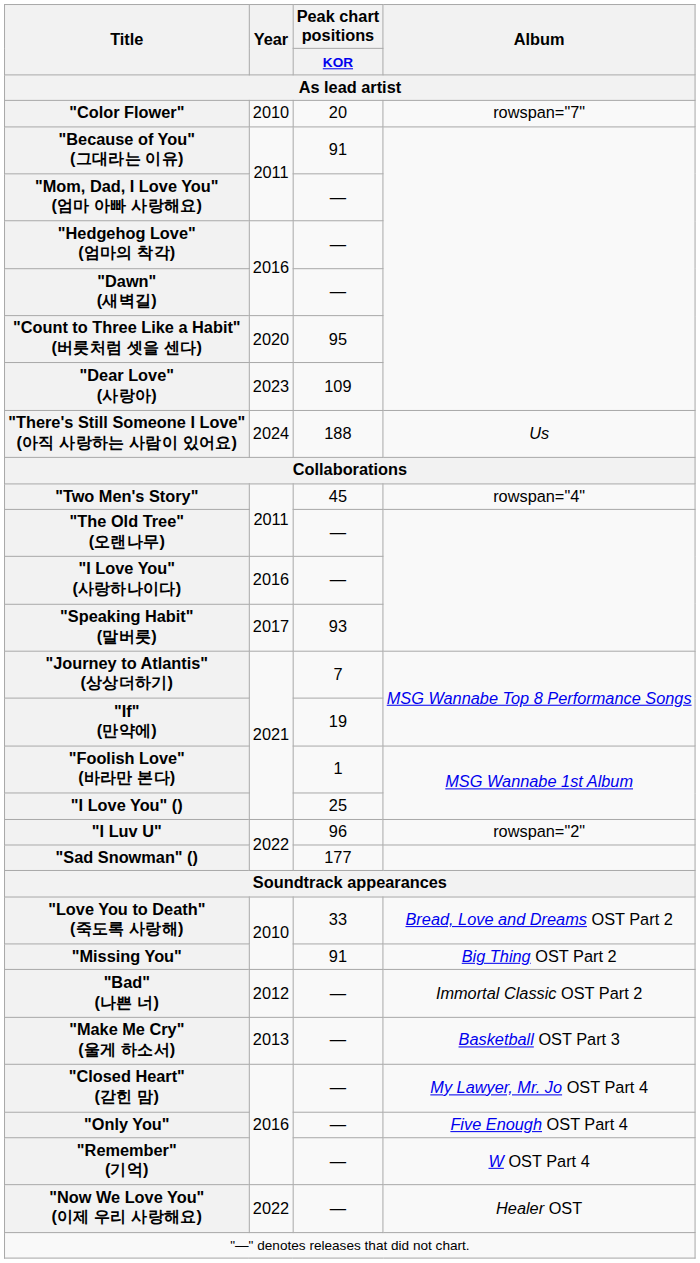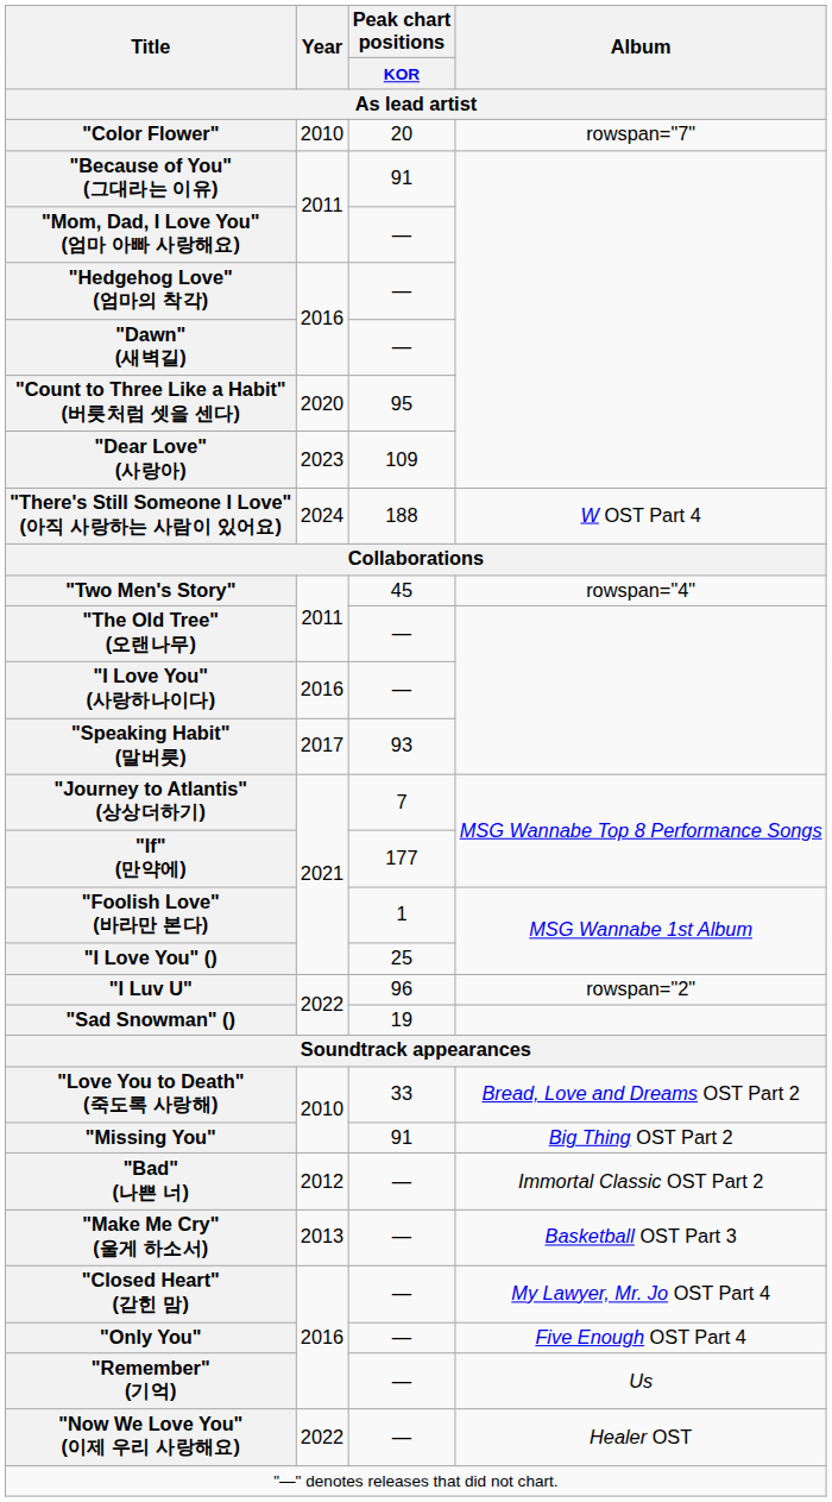 <table class="wikitable plainrowheaders" style="text-align:center;">
 <tr>
 <th scope="col" rowspan="2">Title</th>
 <th scope="col" rowspan="2">Year</th>
 <th scope="col" colspan="1">Peak chart <br> positions</th>
 <th scope="col" rowspan="2">Album</th>
 </tr>
 <tr>
 <th><small><a href='#'>KOR</a></small><br></th>
 </tr>
 <tr>
 <th scope="col" colspan="5">As lead artist</th>
 </tr>
 <tr>
 <th scope="row">"Color Flower"<br></th>
 <td>2010</td>
 <td>20</td>
 <td>rowspan="7" </td>
 </tr>
 <tr>
 <th scope="row">"Because of You"<br>(그대라는 이유)</th>
 <td rowspan="2">2011</td>
 <td>91</td>
 </tr>
 <tr>
 <th scope="row">"Mom, Dad, I Love You"<br>(엄마 아빠 사랑해요)</th>
 <td>—</td>
 </tr>
 <tr>
 <th scope="row">"Hedgehog Love"<br>(엄마의 착각)</th>
 <td rowspan="2">2016</td>
 <td>—</td>
 </tr>
 <tr>
 <th scope="row">"Dawn"<br>(새벽길)</th>
 <td>—</td>
 </tr>
 <tr>
 <th scope="row">"Count to Three Like a Habit"<br>(버릇처럼 셋을 센다)</th>
 <td>2020</td>
 <td>95</td>
 </tr>
 <tr>
 <th scope="row">"Dear Love"<br>(사랑아)</th>
 <td>2023</td>
 <td>109</td>
 </tr>
 <tr>
 <th scope="row">"There's Still Someone I Love"<br>(아직 사랑하는 사람이 있어요)</th>
 <td>2024</td>
 <td>188</td>
-<td><em>Us</em></td>
+<td><em><a href='#'>W</a></em> OST Part 4</td>
 </tr>
 <tr>
 <th scope="col" colspan="5">Collaborations</th>
 </tr>
 <tr>
 <th scope="row">"Two Men's Story"<br></th>
 <td rowspan="2">2011</td>
 <td>45</td>
 <td>rowspan="4" </td>
 </tr>
 <tr>
 <th scope="row">"The Old Tree"<br>(오랜나무) </th>
 <td>—</td>
 </tr>
 <tr>
 <th scope="row">"I Love You"<br>(사랑하나이다) </th>
 <td>2016</td>
 <td>—</td>
 </tr>
 <tr>
 <th scope="row">"Speaking Habit"<br>(말버릇) </th>
 <td>2017</td>
 <td>93</td>
 </tr>
 <tr>
 <th scope="row">"Journey to Atlantis"<br>(상상더하기) </th>
 <td rowspan="4">2021</td>
 <td>7</td>
 <td rowspan="2"><em><a href='#'>MSG Wannabe Top 8 Performance Songs</a></em></td>
 </tr>
 <tr>
 <th scope="row">"If"<br>(만약에) </th>
-<td>19</td>
+<td>177</td>
 </tr>
 <tr>
 <th scope="row">"Foolish Love"<br>(바라만 본다) </th>
 <td>1</td>
 <td rowspan="2"><em><a href='#'>MSG Wannabe 1st Album</a></em></td>
 </tr>
 <tr>
 <th scope="row">"I Love You" ()<br></th>
 <td>25</td>
 </tr>
 <tr>
 <th scope="row">"I Luv U" <br></th>
 <td rowspan="2">2022</td>
 <td>96</td>
 <td>rowspan="2" </td>
 </tr>
 <tr>
 <th scope="row">"Sad Snowman" () <br></th>
-<td>177</td>
+<td>19</td>
 </tr>
 <tr>
 <th scope="col" colspan="5">Soundtrack appearances</th>
 </tr>
 <tr>
 <th scope="row">"Love You to Death"<br>(죽도록 사랑해) </th>
 <td rowspan="2">2010</td>
 <td>33</td>
 <td><em><a href='#'>Bread, Love and Dreams</a></em> OST Part 2</td>
 </tr>
 <tr>
 <th scope="row">"Missing You"</th>
 <td>91</td>
 <td><em><a href='#'>Big Thing</a></em> OST Part 2</td>
 </tr>
 <tr>
 <th scope="row">"Bad"<br>(나쁜 너)</th>
 <td>2012</td>
 <td>—</td>
 <td><em>Immortal Classic</em> OST Part 2</td>
 </tr>
 <tr>
 <th scope="row">"Make Me Cry"<br>(울게 하소서)</th>
 <td>2013</td>
 <td>—</td>
 <td><em><a href='#'>Basketball</a></em> OST Part 3</td>
 </tr>
 <tr>
 <th scope="row">"Closed Heart"<br>(갇힌 맘)</th>
 <td rowspan="3">2016</td>
 <td>—</td>
 <td><em><a href='#'>My Lawyer, Mr. Jo</a></em> OST Part 4</td>
 </tr>
 <tr>
 <th scope="row">"Only You"</th>
 <td>—</td>
 <td><em><a href='#'>Five Enough</a></em> OST Part 4</td>
 </tr>
 <tr>
 <th scope="row">"Remember"<br>(기억)</th>
 <td>—</td>
-<td><em><a href='#'>W</a></em> OST Part 4</td>
+<td><em>Us</em></td>
 </tr>
 <tr>
 <th scope="row">"Now We Love You"<br>(이제 우리 사랑해요)</th>
 <td>2022</td>
 <td>—</td>
 <td><em>Healer</em> OST</td>
 </tr>
 <tr>
 <td colspan="5" align="center"><small>"—" denotes releases that did not chart.</small></td>
 </tr>
 </table>
